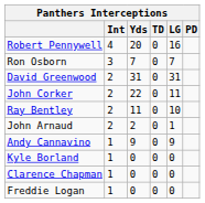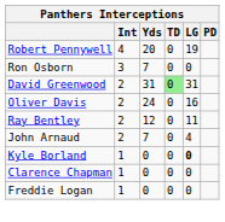 <table class="wikitable">
 <tr>
 <th colspan="6">Panthers Interceptions</th>
 </tr>
 <tr>
 <th></th>
 <th>Int</th>
 <th>Yds</th>
 <th>TD</th>
 <th>LG</th>
 <th>PD</th>
 </tr>
 <tr>
 <td><a href='#'>Robert Pennywell</a></td>
 <td>4</td>
 <td>20</td>
 <td>0</td>
-<td>16</td>
+<td>19</td>
 <td></td>
 </tr>
 <tr>
 <td>Ron Osborn</td>
 <td>3</td>
 <td>7</td>
 <td>0</td>
-<td>7</td>
+<td>0</td>
 <td></td>
 </tr>
 <tr>
 <td><a href='#'>David Greenwood</a></td>
 <td>2</td>
 <td>31</td>
-<td>0</td>
+<td style="background: lightgreen;">0</td>
 <td>31</td>
 <td></td>
 </tr>
 <tr>
-<td><a href='#'>John Corker</a></td>
+<td><a href='#'>Oliver Davis</a></td>
 <td>2</td>
-<td>22</td>
+<td>24</td>
+<td>0</td>
+<td>16</td>
+<td></td>
+</tr>
+<tr>
+<td><a href='#'>Ray Bentley</a></td>
+<td>2</td>
+<td>12</td>
 <td>0</td>
 <td>11</td>
 <td></td>
 </tr>
 <tr>
-<td><a href='#'>Ray Bentley</a></td>
-<td>2</td>
-<td>11</td>
-<td>0</td>
-<td>10</td>
-<td></td>
-</tr>
-<tr>
 <td>John Arnaud</td>
 <td>2</td>
-<td>2</td>
+<td>7</td>
 <td>0</td>
-<td>1</td>
-</tr>
-<tr>
-<td><a href='#'>Andy Cannavino</a></td>
-<td>1</td>
-<td>9</td>
-<td>0</td>
-<td>9</td>
-<td></td>
+<td>4</td>
 </tr>
 <tr>
 <td><a href='#'>Kyle Borland</a></td>
 <td>1</td>
 <td>0</td>
 <td>0</td>
-<td>0</td>
+<td><strong>0</strong></td>
 <td></td>
 </tr>
 <tr>
 <td><a href='#'>Clarence Chapman</a></td>
 <td>1</td>
 <td>0</td>
 <td>0</td>
 <td>0</td>
 <td></td>
 </tr>
 <tr>
 <td>Freddie Logan</td>
 <td>1</td>
 <td>0</td>
 <td>0</td>
 <td>0</td>
 <td></td>
 </tr>
 </table>
